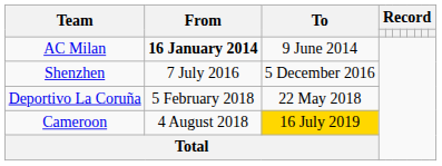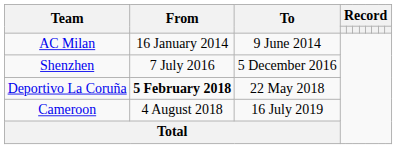 <table class="wikitable" style="text-align:center">
 <tr>
 <th rowspan="2">Team</th>
 <th rowspan="2">From</th>
 <th rowspan="2">To</th>
 <th colspan="8">Record</th>
 </tr>
 <tr>
 <th></th>
 <th></th>
 <th></th>
 <th></th>
 <th></th>
 <th></th>
 <th></th>
 <th></th>
 </tr>
 <tr>
 <td><a href='#'>AC Milan</a></td>
-<td><strong>16 January 2014</strong></td>
+<td>16 January 2014</td>
 <td>9 June 2014<br></td>
 </tr>
 <tr>
 <td><a href='#'>Shenzhen</a></td>
 <td>7 July 2016</td>
 <td>5 December 2016<br></td>
 </tr>
 <tr>
 <td><a href='#'>Deportivo La Coruña</a></td>
-<td>5 February 2018</td>
+<td><strong>5 February 2018</strong></td>
 <td>22 May 2018<br></td>
 </tr>
 <tr>
 <td><a href='#'>Cameroon</a></td>
 <td>4 August 2018</td>
-<td style="background: gold;">16 July 2019<br></td>
+<td>16 July 2019<br></td>
 </tr>
 <tr>
 <th colspan="3">Total<br></th>
 </tr>
 </table>
